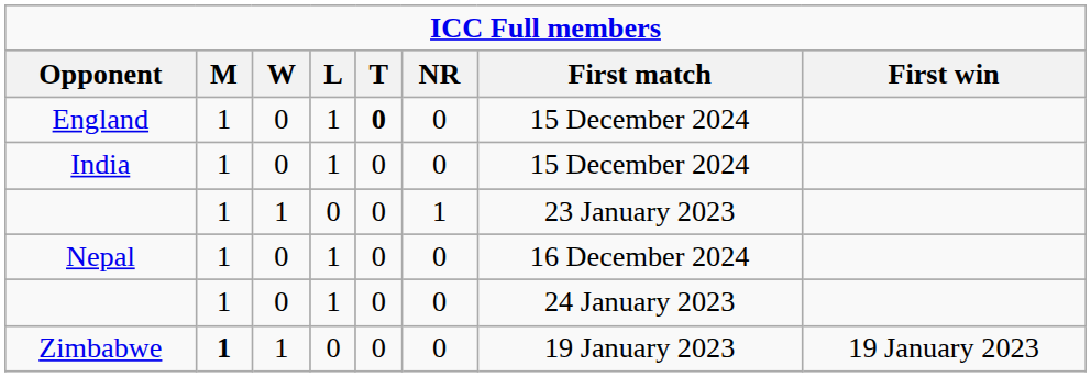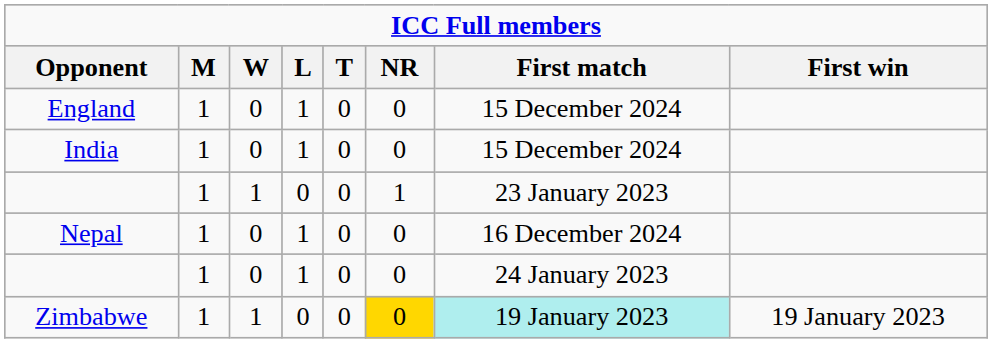 <table class="wikitable" style="text-align: center; width: 600px">
 <tr>
 <td colspan="30" style="text-align: center;"><strong><a href='#'>ICC Full members</a></strong></td>
 </tr>
 <tr>
 <th>Opponent</th>
 <th>M</th>
 <th>W</th>
 <th>L</th>
 <th>T</th>
 <th>NR</th>
 <th>First match</th>
 <th>First win</th>
 </tr>
 <tr>
 <td> <a href='#'>England</a></td>
 <td>1</td>
 <td>0</td>
 <td>1</td>
-<td><strong>0</strong></td>
+<td>0</td>
 <td>0</td>
 <td>15 December 2024</td>
 <td></td>
 </tr>
 <tr>
 <td> <a href='#'>India</a></td>
 <td>1</td>
 <td>0</td>
 <td>1</td>
 <td>0</td>
 <td>0</td>
 <td>15 December 2024</td>
 <td></td>
 </tr>
 <tr>
 <td></td>
 <td>1</td>
 <td>1</td>
 <td>0</td>
 <td>0</td>
 <td>1</td>
 <td>23 January 2023</td>
 <td></td>
 </tr>
 <tr>
 <td> <a href='#'>Nepal</a></td>
 <td>1</td>
 <td>0</td>
 <td>1</td>
 <td>0</td>
 <td>0</td>
 <td>16 December 2024</td>
 <td></td>
 </tr>
 <tr>
 <td></td>
 <td>1</td>
 <td>0</td>
 <td>1</td>
 <td>0</td>
 <td>0</td>
 <td>24 January 2023</td>
 <td></td>
 </tr>
 <tr>
 <td> <a href='#'>Zimbabwe</a></td>
-<td><strong>1</strong></td>
+<td>1</td>
 <td>1</td>
 <td>0</td>
 <td>0</td>
-<td>0</td>
-<td>19 January 2023</td>
+<td style="background: gold;">0</td>
+<td style="background: paleturquoise;">19 January 2023</td>
 <td>19 January 2023</td>
 </tr>
 </table>
